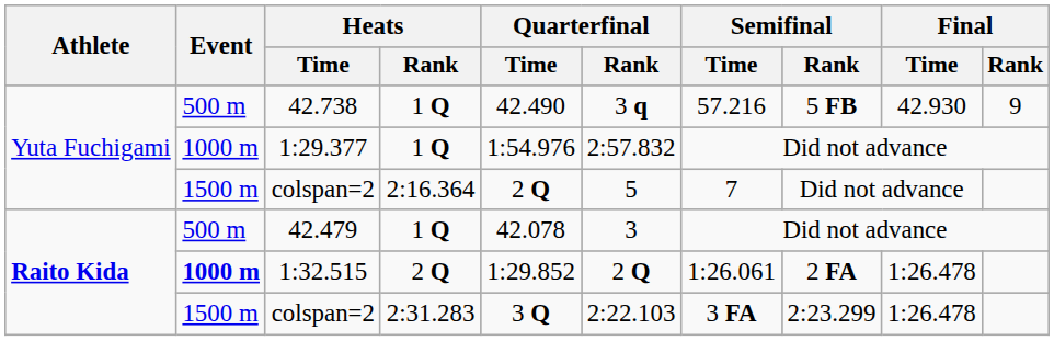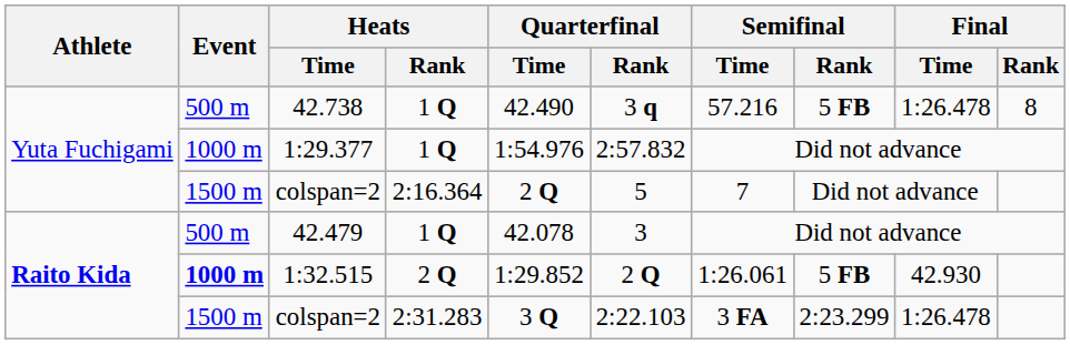 <table class="wikitable" style="font-size:90%">
 <tr>
 <th rowspan=2>Athlete</th>
 <th rowspan=2>Event</th>
 <th colspan=2>Heats</th>
 <th colspan=2>Quarterfinal</th>
 <th colspan=2>Semifinal</th>
 <th colspan=2>Final</th>
 </tr>
 <tr style="font-size:95%">
 <th>Time</th>
 <th>Rank</th>
 <th>Time</th>
 <th>Rank</th>
 <th>Time</th>
 <th>Rank</th>
 <th>Time</th>
 <th>Rank</th>
 </tr>
 <tr align=center>
 <td align=left rowspan=3><a href='#'>Yuta Fuchigami</a></td>
 <td align=left><a href='#'>500 m</a></td>
 <td>42.738</td>
 <td>1 <strong>Q</strong></td>
 <td>42.490</td>
 <td>3 <strong>q</strong></td>
 <td>57.216</td>
 <td>5 <strong>FB</strong></td>
-<td>42.930</td>
-<td>9</td>
+<td>1:26.478</td>
+<td>8</td>
 </tr>
 <tr align=center>
 <td align=left><a href='#'>1000 m</a></td>
 <td>1:29.377</td>
 <td>1 <strong>Q</strong></td>
 <td>1:54.976</td>
 <td>2:57.832</td>
 <td colspan=4>Did not advance</td>
 </tr>
 <tr align=center>
 <td align=left><a href='#'>1500 m</a></td>
 <td>colspan=2</td>
 <td>2:16.364</td>
 <td>2 <strong>Q</strong></td>
 <td>5</td>
 <td>7</td>
 <td colspan=2>Did not advance</td>
 </tr>
 <tr align=center>
 <td align=left rowspan=3><strong><a href='#'>Raito Kida</a></strong></td>
 <td align=left><a href='#'>500 m</a></td>
 <td>42.479</td>
 <td>1 <strong>Q</strong></td>
 <td>42.078</td>
 <td>3</td>
 <td colspan=4>Did not advance</td>
 </tr>
 <tr align=center>
 <td align=left><strong><a href='#'>1000 m</a></strong></td>
 <td>1:32.515</td>
 <td>2 <strong>Q</strong></td>
 <td>1:29.852</td>
 <td>2 <strong>Q</strong></td>
 <td>1:26.061</td>
-<td>2 <strong>FA</strong></td>
-<td>1:26.478</td>
+<td>5 <strong>FB</strong></td>
+<td>42.930</td>
 <td></td>
 </tr>
 <tr align=center>
 <td align=left><a href='#'>1500 m</a></td>
 <td>colspan=2</td>
 <td>2:31.283</td>
 <td>3 <strong>Q</strong></td>
 <td>2:22.103</td>
 <td>3 <strong>FA</strong></td>
 <td>2:23.299</td>
 <td>1:26.478</td>
 </tr>
 </table>
